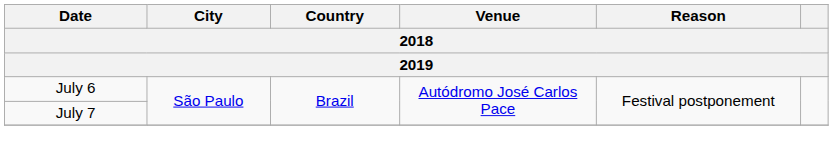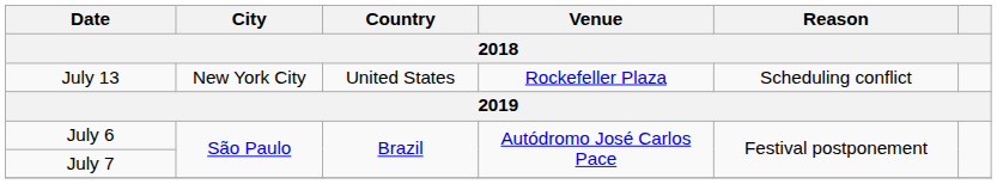 <table class="wikitable" style="text-align:center;">
 <tr>
 <th scope="col" style="width:12em;">Date</th>
 <th scope="col" style="width:10em;">City</th>
 <th scope="col" style="width:10em;">Country</th>
 <th scope="col" style="width:16em;">Venue</th>
 <th scope="col" style="width:16em;">Reason</th>
 <th scope="col" style="width:2em;"></th>
 </tr>
 <tr>
 <th colspan="6"><strong>2018</strong></th>
+</tr>
+<tr>
+<td>July 13</td>
+<td>New York City</td>
+<td>United States</td>
+<td><a href='#'>Rockefeller Plaza</a></td>
+<td>Scheduling conflict</td>
+<td></td>
 </tr>
 <tr>
 <th colspan="6"><strong>2019</strong></th>
 </tr>
 <tr>
 <td>July 6</td>
 <td rowspan="2"><a href='#'>São Paulo</a></td>
 <td rowspan="2"><a href='#'>Brazil</a></td>
 <td rowspan="2"><a href='#'>Autódromo José Carlos Pace</a></td>
 <td rowspan="2">Festival postponement</td>
 <td rowspan="2"></td>
 </tr>
 <tr>
 <td>July 7</td>
 </tr>
 <tr>
 </tr>
 </table>
